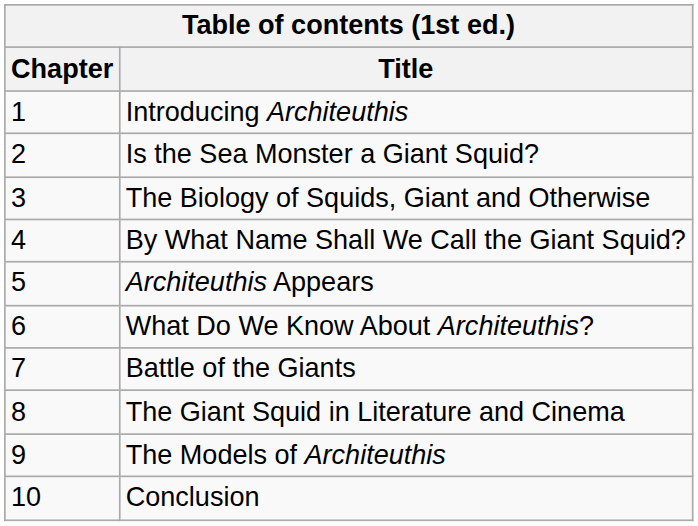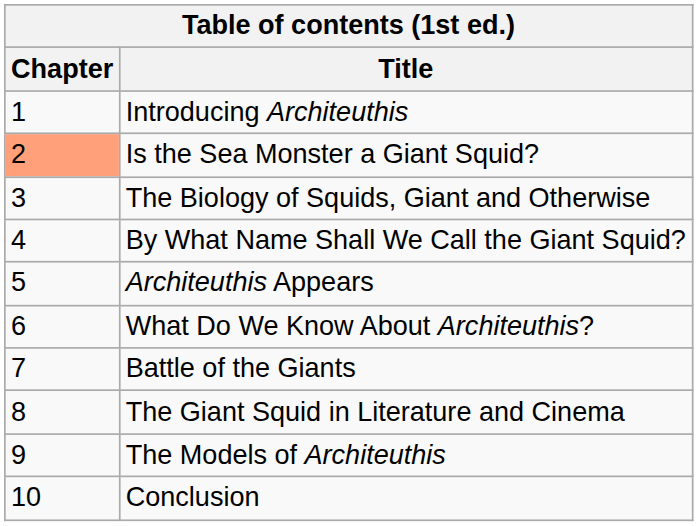 <table class="wikitable mw-collapsible mw-collapsed floatright"  style="width:auto; text-align:left;">
 <tr>
 <th colspan=2>Table of contents (1st ed.)</th>
 </tr>
 <tr>
 <th><strong>Chapter</strong></th>
 <th><strong>Title</strong></th>
 </tr>
 <tr>
 <td>1</td>
 <td>Introducing <em>Architeuthis</em></td>
 </tr>
 <tr>
-<td>2</td>
+<td style="background: lightsalmon;">2</td>
 <td>Is the Sea Monster a Giant Squid?</td>
 </tr>
 <tr>
 <td>3</td>
 <td>The Biology of Squids, Giant and Otherwise</td>
 </tr>
 <tr>
 <td>4</td>
 <td>By What Name Shall We Call the Giant Squid?</td>
 </tr>
 <tr>
 <td>5</td>
 <td><em>Architeuthis</em> Appears</td>
 </tr>
 <tr>
 <td>6</td>
 <td>What Do We Know About <em>Architeuthis</em>?</td>
 </tr>
 <tr>
 <td>7</td>
 <td>Battle of the Giants</td>
 </tr>
 <tr>
 <td>8</td>
 <td>The Giant Squid in Literature and Cinema</td>
 </tr>
 <tr>
 <td>9</td>
 <td>The Models of <em>Architeuthis</em></td>
 </tr>
 <tr>
 <td>10</td>
 <td>Conclusion</td>
 </tr>
 </table>
